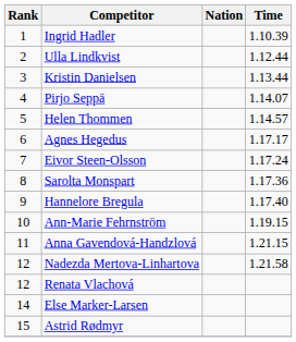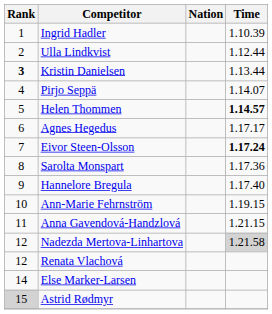 <table class="wikitable sortable" style="text-align:left">
 <tr>
 <th data-sort-type="number">Rank</th>
 <th class="unsortable">Competitor</th>
 <th>Nation</th>
 <th>Time</th>
 </tr>
 <tr>
 <td style="text-align:center">1</td>
 <td><a href='#'>Ingrid Hadler</a></td>
 <td></td>
 <td style="text-align:right">1.10.39</td>
 </tr>
 <tr>
 <td style="text-align:center">2</td>
 <td><a href='#'>Ulla Lindkvist</a></td>
 <td></td>
 <td style="text-align:right">1.12.44</td>
 </tr>
 <tr>
-<td style="text-align:center">3</td>
+<td style="text-align:center"><strong>3</strong></td>
 <td><a href='#'>Kristin Danielsen</a></td>
 <td></td>
 <td style="text-align:right">1.13.44</td>
 </tr>
 <tr>
 <td style="text-align:center">4</td>
 <td><a href='#'>Pirjo Seppä</a></td>
 <td></td>
 <td style="text-align:right">1.14.07</td>
 </tr>
 <tr>
 <td style="text-align:center">5</td>
 <td><a href='#'>Helen Thommen</a></td>
 <td></td>
-<td style="text-align:right">1.14.57</td>
+<td style="text-align:right"><strong>1.14.57</strong></td>
 </tr>
 <tr>
 <td style="text-align:center">6</td>
 <td><a href='#'>Agnes Hegedus</a></td>
 <td></td>
 <td style="text-align:right">1.17.17</td>
 </tr>
 <tr>
 <td style="text-align:center">7</td>
 <td><a href='#'>Eivor Steen-Olsson</a></td>
 <td></td>
-<td style="text-align:right">1.17.24</td>
+<td style="text-align:right"><strong>1.17.24</strong></td>
 </tr>
 <tr>
 <td style="text-align:center">8</td>
 <td><a href='#'>Sarolta Monspart</a></td>
 <td></td>
 <td style="text-align:right">1.17.36</td>
 </tr>
 <tr>
 <td style="text-align:center">9</td>
 <td><a href='#'>Hannelore Bregula</a></td>
 <td></td>
 <td style="text-align:right">1.17.40</td>
 </tr>
 <tr>
 <td style="text-align:center">10</td>
 <td><a href='#'>Ann-Marie Fehrnström</a></td>
 <td></td>
 <td style="text-align:right">1.19.15</td>
 </tr>
 <tr>
 <td style="text-align:center">11</td>
 <td><a href='#'>Anna Gavendová-Handzlová</a></td>
 <td></td>
 <td style="text-align:right">1.21.15</td>
 </tr>
 <tr>
 <td style="text-align:center">12</td>
 <td><a href='#'>Nadezda Mertova-Linhartova</a></td>
 <td></td>
-<td style="text-align:right">1.21.58</td>
+<td style="background: lightgrey; text-align:right">1.21.58</td>
 </tr>
 <tr>
 <td style="text-align:center">12</td>
 <td><a href='#'>Renata Vlachová</a></td>
 <td></td>
 <td style="text-align:right"></td>
 </tr>
 <tr>
 <td style="text-align:center">14</td>
 <td><a href='#'>Else Marker-Larsen</a></td>
 <td></td>
 <td style="text-align:right"></td>
 </tr>
 <tr>
-<td style="text-align:center">15</td>
+<td style="background: lightgrey; text-align:center">15</td>
 <td><a href='#'>Astrid Rødmyr</a></td>
 <td></td>
 <td style="text-align:right"></td>
 </tr>
 <tr>
 </tr>
 </table>
